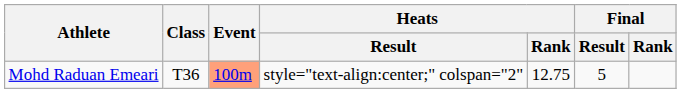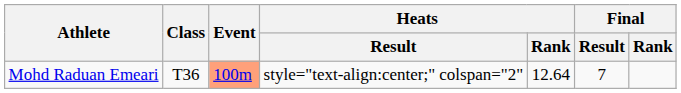 <table class=wikitable style="font-size:90%">
 <tr>
 <th rowspan="2">Athlete</th>
 <th rowspan="2">Class</th>
 <th rowspan="2">Event</th>
 <th colspan="2">Heats</th>
 <th colspan="3">Final</th>
 </tr>
 <tr>
 <th>Result</th>
 <th>Rank</th>
 <th>Result</th>
 <th>Rank</th>
 </tr>
 <tr>
 <td><a href='#'>Mohd Raduan Emeari</a></td>
 <td style="text-align:center;">T36</td>
 <td style="background: lightsalmon;"><a href='#'>100m</a></td>
 <td>style="text-align:center;" colspan="2" </td>
-<td style="text-align:center;">12.75</td>
-<td style="text-align:center;">5</td>
+<td style="text-align:center;">12.64</td>
+<td style="text-align:center;">7</td>
 </tr>
 </table>
